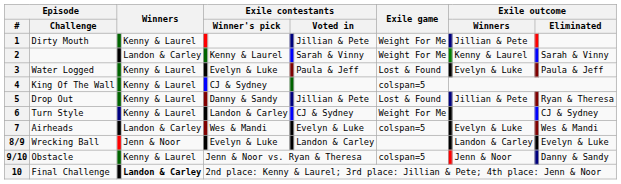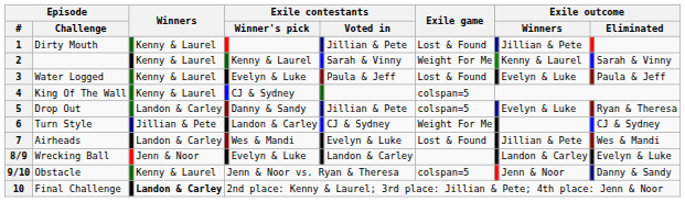 <table class="wikitable" style="font-size:90%; white-space:nowrap">
 <tr>
 <th colspan=2>Episode</th>
 <th colspan=2 rowspan=2>Winners</th>
 <th colspan=4>Exile contestants</th>
 <th rowspan=2>Exile game</th>
 <th colspan=4>Exile outcome</th>
 </tr>
 <tr>
 <th>#</th>
 <th>Challenge</th>
 <th colspan=2>Winner's pick</th>
 <th colspan=2>Voted in</th>
 <th colspan=2>Winners</th>
 <th colspan=2>Eliminated</th>
 </tr>
 <tr>
 <th>1</th>
 <td>Dirty Mouth</td>
 <td bgcolor="darkgreen"></td>
 <td>Kenny & Laurel</td>
 <td bgcolor="red"></td>
 <td></td>
 <td bgcolor="navy"></td>
 <td>Jillian & Pete</td>
-<td>Weight For Me</td>
+<td>Lost & Found</td>
 <td bgcolor="navy"></td>
 <td>Jillian & Pete</td>
 <td bgcolor="red"></td>
 <td></td>
 </tr>
 <tr>
 <th>2</th>
 <td></td>
 <td bgcolor="black"></td>
-<td>Landon & Carley</td>
+<td>Kenny & Laurel</td>
 <td bgcolor="darkgreen"></td>
 <td>Kenny & Laurel</td>
 <td bgcolor="blue"></td>
 <td>Sarah & Vinny</td>
 <td>Weight For Me</td>
 <td bgcolor="green"></td>
 <td>Kenny & Laurel</td>
 <td bgcolor="blue"></td>
 <td>Sarah & Vinny</td>
 </tr>
 <tr>
 <th>3</th>
 <td>Water Logged</td>
 <td bgcolor="darkgreen"></td>
 <td>Kenny & Laurel</td>
 <td bgcolor="black"></td>
 <td>Evelyn & Luke</td>
 <td bgcolor="maroon"></td>
 <td>Paula & Jeff</td>
 <td>Lost & Found</td>
 <td bgcolor="black"></td>
 <td>Evelyn & Luke</td>
 <td bgcolor="maroon"></td>
 <td>Paula & Jeff</td>
 </tr>
 <tr>
 <th>4</th>
 <td>King Of The Wall</td>
 <td bgcolor="darkgreen"></td>
 <td>Kenny & Laurel</td>
 <td bgcolor="blue"></td>
 <td>CJ & Sydney</td>
 <td bgcolor="darkgreen"></td>
 <td></td>
 <td>colspan=5 </td>
 </tr>
 <tr>
 <th>5</th>
 <td>Drop Out</td>
 <td bgcolor="darkgreen"></td>
-<td>Kenny & Laurel</td>
+<td>Landon & Carley</td>
 <td bgcolor="maroon"></td>
 <td>Danny & Sandy</td>
 <td bgcolor="navy"></td>
 <td>Jillian & Pete</td>
-<td>Lost & Found</td>
+<td>colspan=5 </td>
 <td bgcolor="navy"></td>
-<td>Jillian & Pete</td>
+<td>Evelyn & Luke</td>
 <td bgcolor="maroon"></td>
 <td>Ryan & Theresa</td>
 </tr>
 <tr>
 <th>6</th>
 <td>Turn Style</td>
 <td bgcolor="navy"></td>
-<td>Kenny & Laurel</td>
+<td>Jillian & Pete</td>
 <td bgcolor="black"></td>
 <td>Landon & Carley</td>
 <td bgcolor="blue"></td>
 <td>CJ & Sydney</td>
 <td>Weight For Me</td>
 <td bgcolor="black"></td>
 <td></td>
 <td bgcolor="blue"></td>
 <td>CJ & Sydney</td>
 </tr>
 <tr>
 <th>7</th>
 <td>Airheads</td>
 <td bgcolor="black"></td>
 <td>Landon & Carley</td>
 <td bgcolor="maroon"></td>
 <td>Wes & Mandi</td>
 <td bgcolor="black"></td>
 <td>Evelyn & Luke</td>
-<td>colspan=5 </td>
+<td>Lost & Found</td>
 <td bgcolor="black"></td>
-<td>Evelyn & Luke</td>
+<td>Jillian & Pete</td>
 <td bgcolor="maroon"></td>
 <td>Wes & Mandi</td>
 </tr>
 <tr>
 <th>8/9</th>
 <td>Wrecking Ball</td>
 <td bgcolor="red"></td>
 <td>Jenn & Noor</td>
 <td bgcolor="black"></td>
 <td>Evelyn & Luke</td>
 <td bgcolor="black"></td>
 <td>Landon & Carley</td>
 <td></td>
 <td bgcolor="black"></td>
 <td>Landon & Carley</td>
 <td bgcolor="black"></td>
 <td>Evelyn & Luke</td>
 </tr>
 <tr>
 <th>9/10</th>
 <td>Obstacle</td>
 <td bgcolor="darkgreen"></td>
 <td>Kenny & Laurel</td>
 <td colspan=4 nowrap>Jenn & Noor vs. Ryan & Theresa</td>
 <td>colspan=5 </td>
 <td bgcolor="red"></td>
 <td>Jenn & Noor</td>
 <td bgcolor="navy"></td>
 <td>Danny & Sandy</td>
 </tr>
 <tr>
 <th>10</th>
 <td>Final Challenge</td>
 <td bgcolor="black"></td>
 <td nowrap><strong>Landon & Carley</strong></td>
 <td colspan="11">2nd place: Kenny & Laurel; 3rd place: Jillian & Pete; 4th place: Jenn & Noor</td>
 </tr>
 </table>
